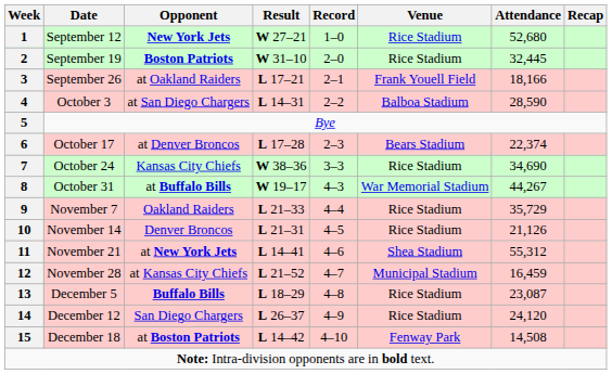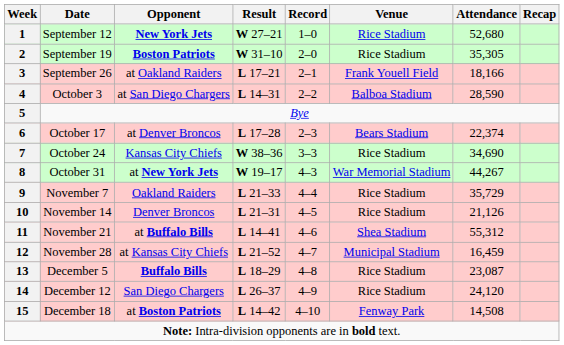 <table class="wikitable" style="text-align:center">
 <tr>
 <th>Week</th>
 <th>Date</th>
 <th>Opponent</th>
 <th>Result</th>
 <th>Record</th>
 <th>Venue</th>
 <th>Attendance</th>
 <th>Recap</th>
 </tr>
 <tr style="background:#cfc">
 <th>1</th>
 <td>September 12</td>
 <td><strong><a href='#'>New York Jets</a></strong></td>
 <td><strong>W</strong> 27–21</td>
 <td>1–0</td>
 <td><a href='#'>Rice Stadium</a></td>
 <td>52,680</td>
 <td></td>
 </tr>
 <tr style="background:#cfc">
 <th>2</th>
 <td>September 19</td>
 <td><strong><a href='#'>Boston Patriots</a></strong></td>
 <td><strong>W</strong> 31–10</td>
 <td>2–0</td>
 <td>Rice Stadium</td>
-<td>32,445</td>
+<td>35,305</td>
 <td></td>
 </tr>
 <tr style="background:#fcc">
 <th>3</th>
 <td>September 26</td>
 <td>at <a href='#'>Oakland Raiders</a></td>
 <td><strong>L</strong> 17–21</td>
 <td>2–1</td>
 <td><a href='#'>Frank Youell Field</a></td>
 <td>18,166</td>
 <td></td>
 </tr>
 <tr style="background:#fcc">
 <th>4</th>
 <td>October 3</td>
 <td>at <a href='#'>San Diego Chargers</a></td>
 <td><strong>L</strong> 14–31</td>
 <td>2–2</td>
 <td><a href='#'>Balboa Stadium</a></td>
 <td>28,590</td>
 <td></td>
 </tr>
 <tr>
 <th>5</th>
 <td colspan=7><em><a href='#'>Bye</a></em></td>
 </tr>
 <tr style="background:#fcc">
 <th>6</th>
 <td>October 17</td>
 <td>at <a href='#'>Denver Broncos</a></td>
 <td><strong>L</strong> 17–28</td>
 <td>2–3</td>
 <td><a href='#'>Bears Stadium</a></td>
 <td>22,374</td>
 <td></td>
 </tr>
 <tr style="background:#cfc">
 <th>7</th>
 <td>October 24</td>
 <td><a href='#'>Kansas City Chiefs</a></td>
 <td><strong>W</strong> 38–36</td>
 <td>3–3</td>
 <td>Rice Stadium</td>
 <td>34,690</td>
 <td></td>
 </tr>
 <tr style="background:#cfc">
 <th>8</th>
 <td>October 31</td>
-<td>at <strong><a href='#'>Buffalo Bills</a></strong></td>
+<td>at <strong><a href='#'>New York Jets</a></strong></td>
 <td><strong>W</strong> 19–17</td>
 <td>4–3</td>
 <td><a href='#'>War Memorial Stadium</a></td>
 <td>44,267</td>
 <td></td>
 </tr>
 <tr style="background:#fcc">
 <th>9</th>
 <td>November 7</td>
 <td><a href='#'>Oakland Raiders</a></td>
 <td><strong>L</strong> 21–33</td>
 <td>4–4</td>
 <td>Rice Stadium</td>
 <td>35,729</td>
 <td></td>
 </tr>
 <tr style="background:#fcc">
 <th>10</th>
 <td>November 14</td>
 <td><a href='#'>Denver Broncos</a></td>
 <td><strong>L</strong> 21–31</td>
 <td>4–5</td>
 <td>Rice Stadium</td>
 <td>21,126</td>
 <td></td>
 </tr>
 <tr style="background:#fcc">
 <th>11</th>
 <td>November 21</td>
-<td>at <strong><a href='#'>New York Jets</a></strong></td>
+<td>at <strong><a href='#'>Buffalo Bills</a></strong></td>
 <td><strong>L</strong> 14–41</td>
 <td>4–6</td>
 <td><a href='#'>Shea Stadium</a></td>
 <td>55,312</td>
 <td></td>
 </tr>
 <tr style="background:#fcc">
 <th>12</th>
 <td>November 28</td>
 <td>at <a href='#'>Kansas City Chiefs</a></td>
 <td><strong>L</strong> 21–52</td>
 <td>4–7</td>
 <td><a href='#'>Municipal Stadium</a></td>
 <td>16,459</td>
 <td></td>
 </tr>
 <tr style="background:#fcc">
 <th>13</th>
 <td>December 5</td>
 <td><strong><a href='#'>Buffalo Bills</a></strong></td>
 <td><strong>L</strong> 18–29</td>
 <td>4–8</td>
 <td>Rice Stadium</td>
 <td>23,087</td>
 <td></td>
 </tr>
 <tr style="background:#fcc">
 <th>14</th>
 <td>December 12</td>
 <td><a href='#'>San Diego Chargers</a></td>
 <td><strong>L</strong> 26–37</td>
 <td>4–9</td>
 <td>Rice Stadium</td>
 <td>24,120</td>
 <td></td>
 </tr>
 <tr style="background:#fcc">
 <th>15</th>
 <td>December 18</td>
 <td>at <strong><a href='#'>Boston Patriots</a></strong></td>
 <td><strong>L</strong> 14–42</td>
 <td>4–10</td>
 <td><a href='#'>Fenway Park</a></td>
 <td>14,508</td>
 <td></td>
 </tr>
 <tr>
 <td colspan="8"><strong>Note:</strong> Intra-division opponents are in <strong>bold</strong> text.</td>
 </tr>
 </table>
